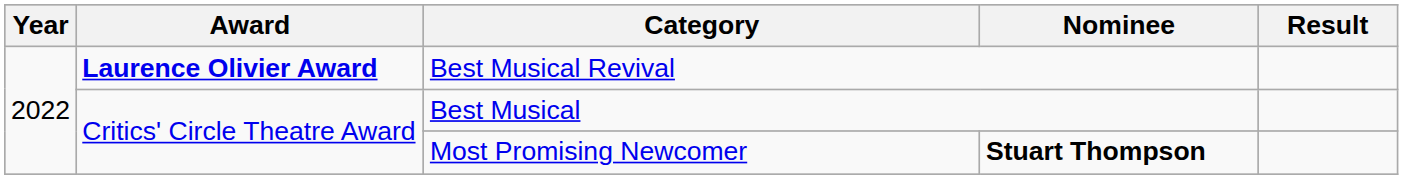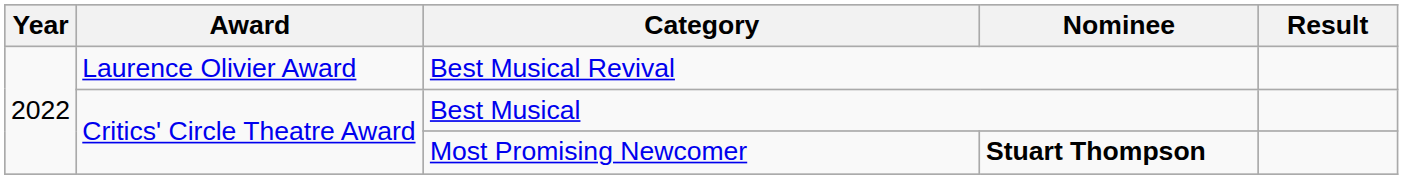 <table class="wikitable" style="width:95%;">
 <tr>
 <th style="width:5%;">Year</th>
 <th style="width:25%;">Award</th>
 <th style="width:40%;">Category</th>
 <th style="width:20%;">Nominee</th>
 <th style="width:10%;">Result</th>
 </tr>
 <tr>
 <td rowspan="3" style="text-align:center;">2022</td>
-<td><strong><a href='#'>Laurence Olivier Award</a></strong></td>
+<td><a href='#'>Laurence Olivier Award</a></td>
 <td colspan="2"><a href='#'>Best Musical Revival</a></td>
 <td></td>
 </tr>
 <tr>
 <td rowspan="2"><a href='#'>Critics' Circle Theatre Award</a></td>
 <td colspan="2"><a href='#'>Best Musical</a></td>
 <td></td>
 </tr>
 <tr>
 <td><a href='#'>Most Promising Newcomer</a></td>
 <td><strong>Stuart Thompson</strong></td>
 <td></td>
 </tr>
 </table>
